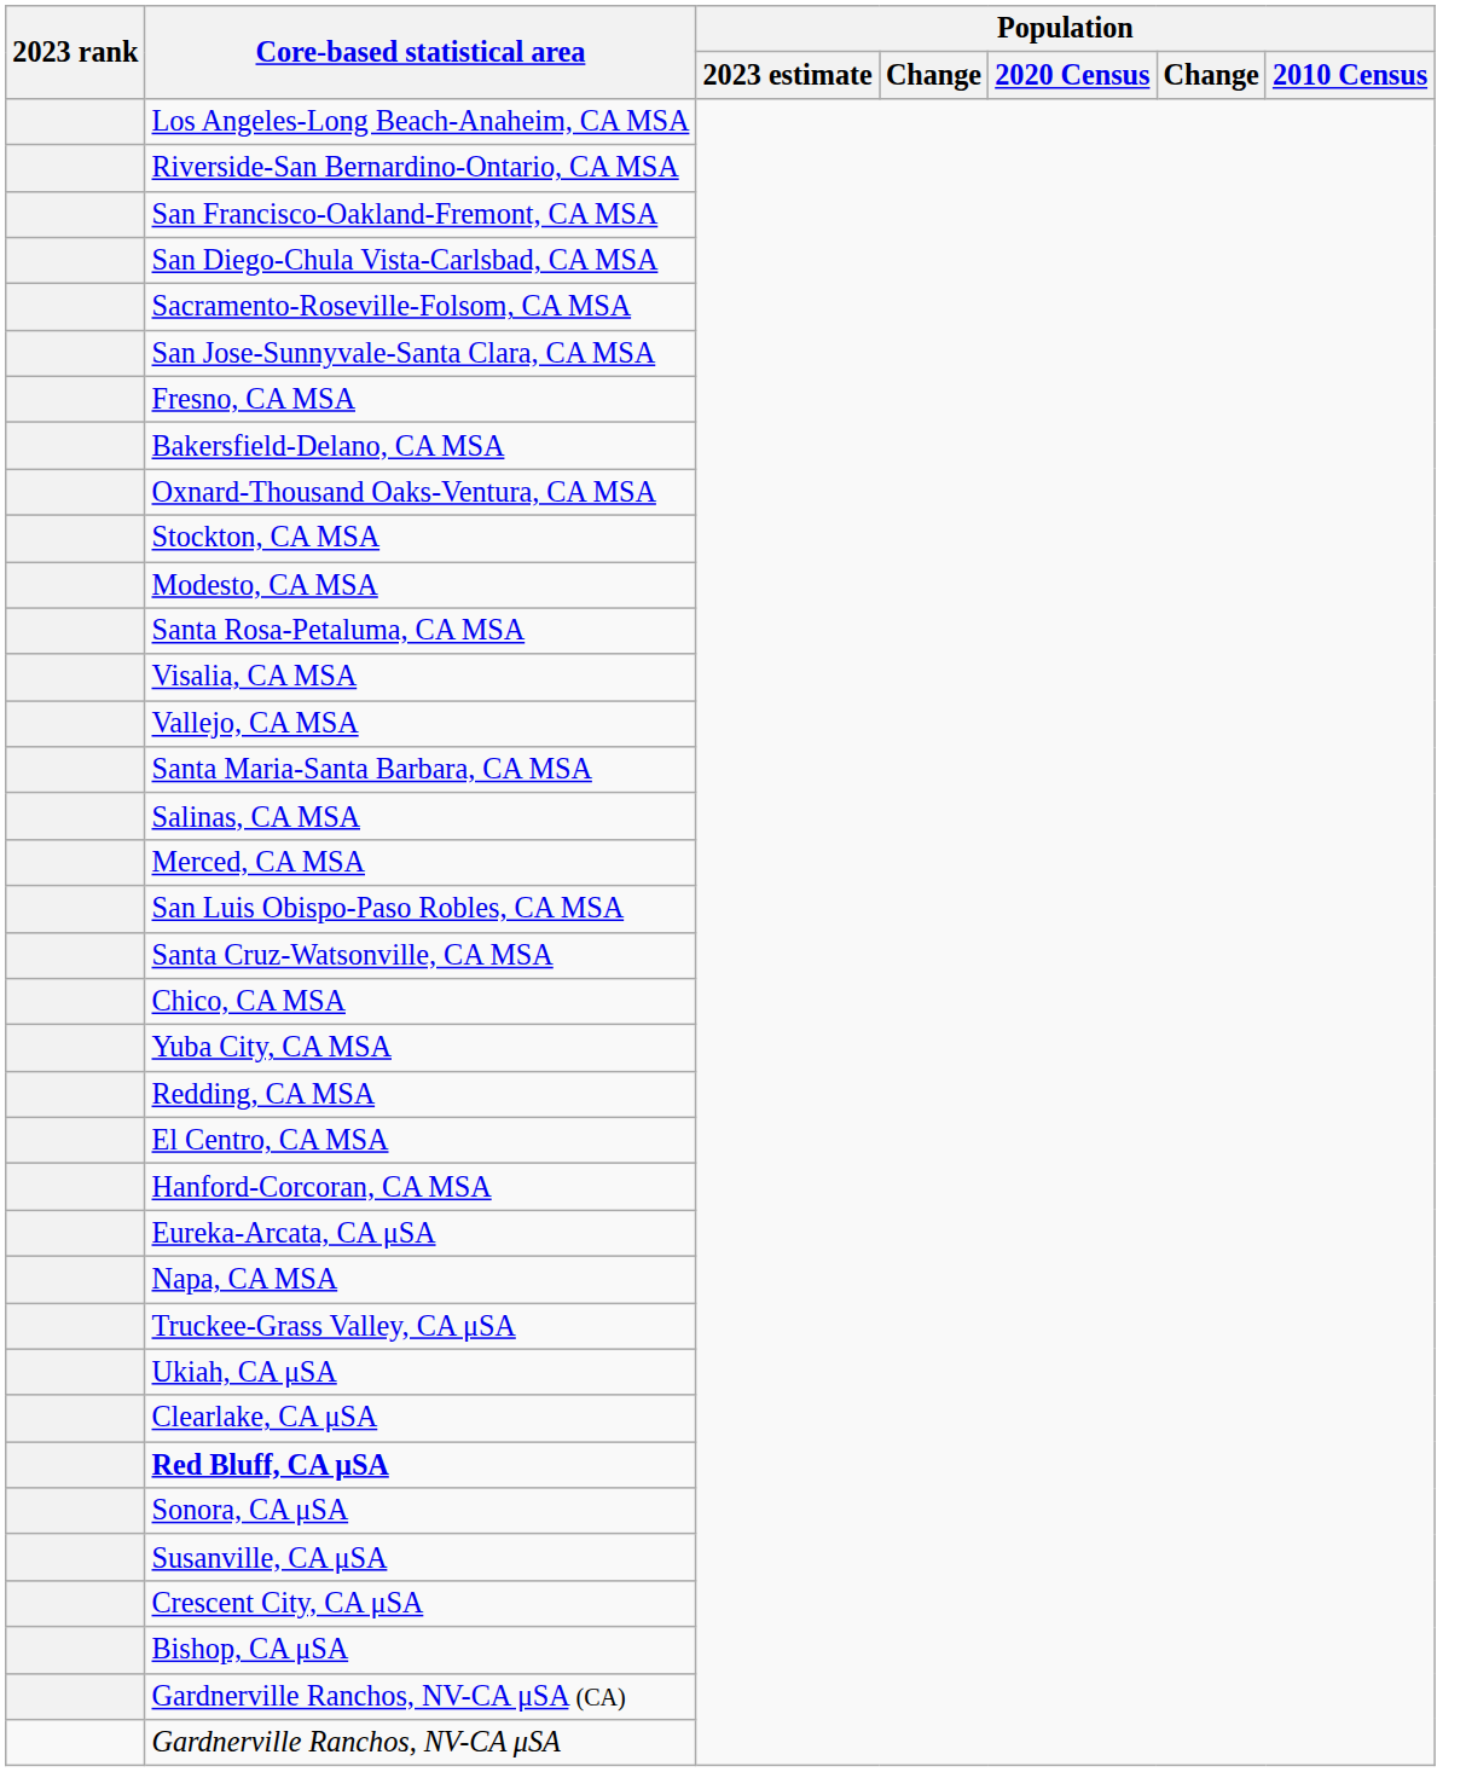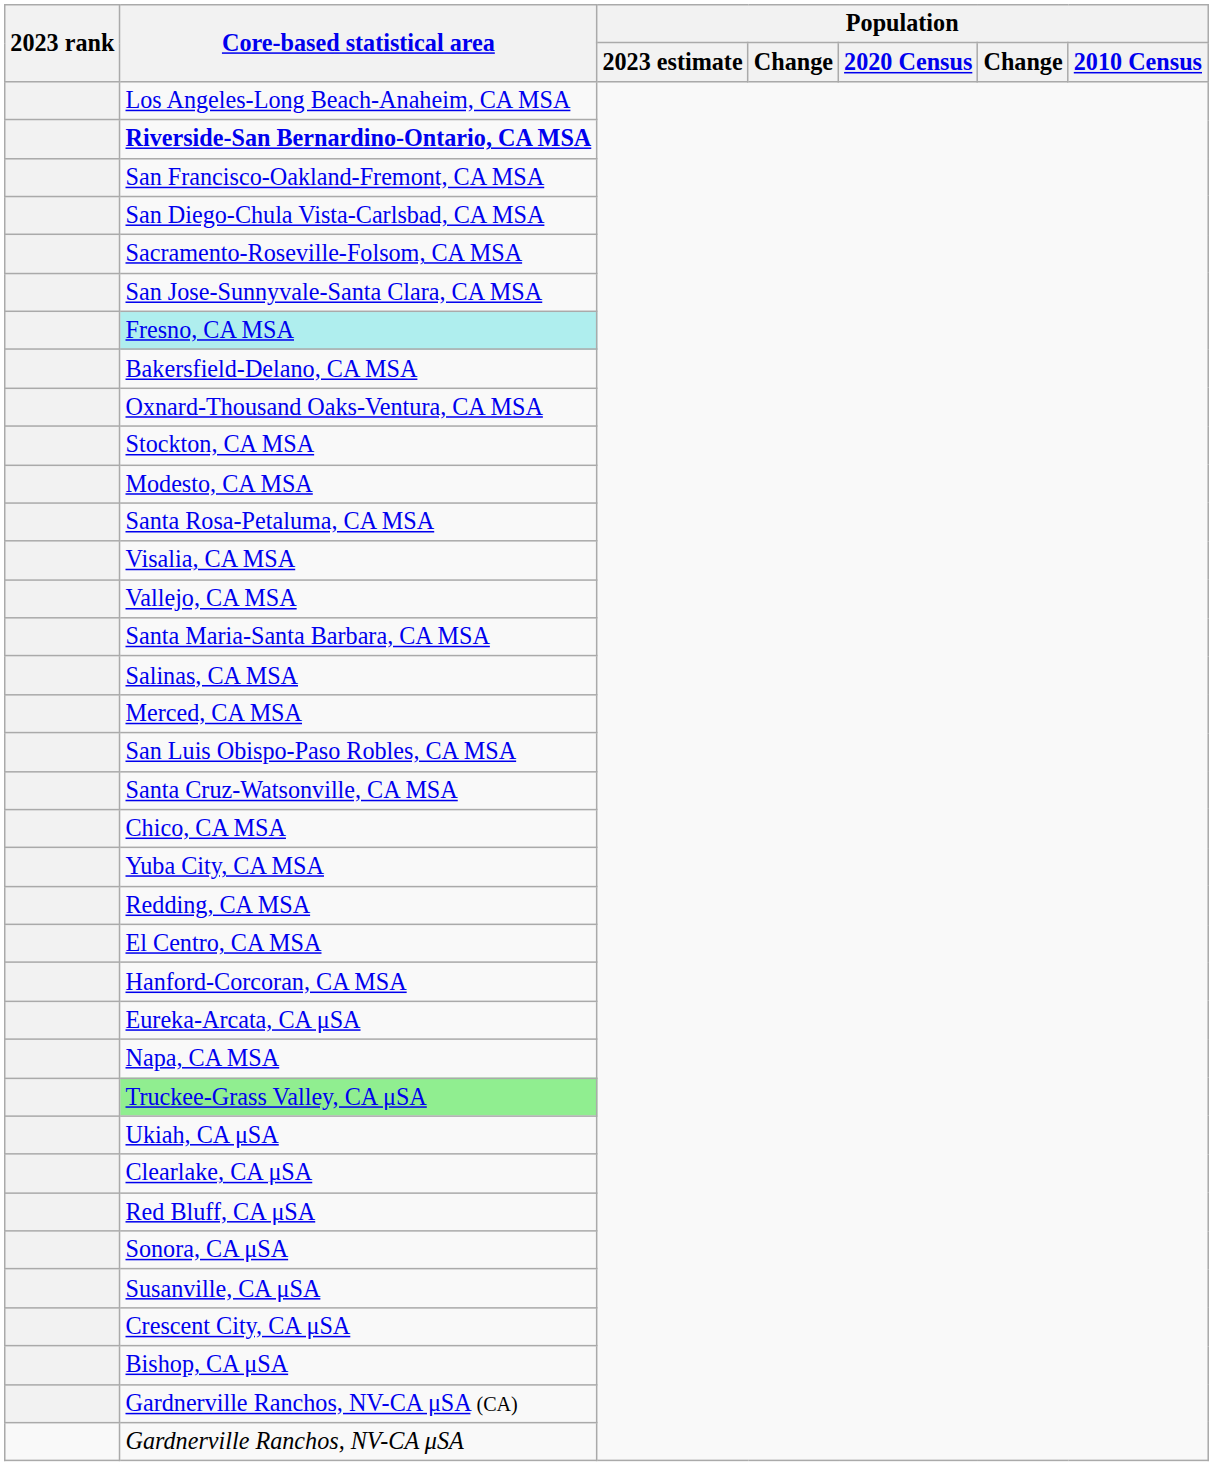 <table class="wikitable sortable">
 <tr>
 <th scope=col rowspan=2>2023 rank</th>
 <th scope=col rowspan=2><a href='#'>Core-based statistical area</a></th>
 <th colspan=5>Population</th>
 </tr>
 <tr>
 <th scope=col>2023 estimate</th>
 <th scope=col>Change</th>
 <th scope=col><a href='#'>2020 Census</a></th>
 <th scope=col>Change</th>
 <th scope=col><a href='#'>2010 Census</a></th>
 </tr>
 <tr>
 <th scope=row></th>
 <td><a href='#'>Los Angeles-Long Beach-Anaheim, CA MSA</a><br></td>
 </tr>
 <tr>
 <th scope=row></th>
-<td><a href='#'>Riverside-San Bernardino-Ontario, CA MSA</a><br></td>
+<td><strong><a href='#'>Riverside-San Bernardino-Ontario, CA MSA</a><br></strong></td>
 </tr>
 <tr>
 <th scope=row></th>
 <td><a href='#'>San Francisco-Oakland-Fremont, CA MSA</a><br></td>
 </tr>
 <tr>
 <th scope=row></th>
 <td><a href='#'>San Diego-Chula Vista-Carlsbad, CA MSA</a><br></td>
 </tr>
 <tr>
 <th scope=row></th>
 <td><a href='#'>Sacramento-Roseville-Folsom, CA MSA</a><br></td>
 </tr>
 <tr>
 <th scope=row></th>
 <td><a href='#'>San Jose-Sunnyvale-Santa Clara, CA MSA</a><br></td>
 </tr>
 <tr>
 <th scope=row></th>
-<td><a href='#'>Fresno, CA MSA</a><br></td>
+<td style="background: paleturquoise;"><a href='#'>Fresno, CA MSA</a><br></td>
 </tr>
 <tr>
 <th scope=row></th>
 <td><a href='#'>Bakersfield-Delano, CA MSA</a><br></td>
 </tr>
 <tr>
 <th scope=row></th>
 <td><a href='#'>Oxnard-Thousand Oaks-Ventura, CA MSA</a><br></td>
 </tr>
 <tr>
 <th scope=row></th>
 <td><a href='#'>Stockton, CA MSA</a><br></td>
 </tr>
 <tr>
 <th scope=row></th>
 <td><a href='#'>Modesto, CA MSA</a><br></td>
 </tr>
 <tr>
 <th scope=row></th>
 <td><a href='#'>Santa Rosa-Petaluma, CA MSA</a><br></td>
 </tr>
 <tr>
 <th scope=row></th>
 <td><a href='#'>Visalia, CA MSA</a><br></td>
 </tr>
 <tr>
 <th scope=row></th>
 <td><a href='#'>Vallejo, CA MSA</a><br></td>
 </tr>
 <tr>
 <th scope=row></th>
 <td><a href='#'>Santa Maria-Santa Barbara, CA MSA</a><br></td>
 </tr>
 <tr>
 <th scope=row></th>
 <td><a href='#'>Salinas, CA MSA</a><br></td>
 </tr>
 <tr>
 <th scope=row></th>
 <td><a href='#'>Merced, CA MSA</a><br></td>
 </tr>
 <tr>
 <th scope=row></th>
 <td><a href='#'>San Luis Obispo-Paso Robles, CA MSA</a><br></td>
 </tr>
 <tr>
 <th scope=row></th>
 <td><a href='#'>Santa Cruz-Watsonville, CA MSA</a><br></td>
 </tr>
 <tr>
 <th scope=row></th>
 <td><a href='#'>Chico, CA MSA</a><br></td>
 </tr>
 <tr>
 <th scope=row></th>
 <td><a href='#'>Yuba City, CA MSA</a><br></td>
 </tr>
 <tr>
 <th scope=row></th>
 <td><a href='#'>Redding, CA MSA</a><br></td>
 </tr>
 <tr>
 <th scope=row></th>
 <td><a href='#'>El Centro, CA MSA</a><br></td>
 </tr>
 <tr>
 <th scope=row></th>
 <td><a href='#'>Hanford-Corcoran, CA MSA</a><br></td>
 </tr>
 <tr>
 <th scope=row></th>
 <td><a href='#'>Eureka-Arcata, CA μSA</a><br></td>
 </tr>
 <tr>
 <th scope=row></th>
 <td><a href='#'>Napa, CA MSA</a><br></td>
 </tr>
 <tr>
 <th scope=row></th>
-<td><a href='#'>Truckee-Grass Valley, CA μSA</a><br></td>
+<td style="background: lightgreen;"><a href='#'>Truckee-Grass Valley, CA μSA</a><br></td>
 </tr>
 <tr>
 <th scope=row></th>
 <td><a href='#'>Ukiah, CA μSA</a><br></td>
 </tr>
 <tr>
 <th scope=row></th>
 <td><a href='#'>Clearlake, CA μSA</a><br></td>
 </tr>
 <tr>
 <th scope=row></th>
-<td><strong><a href='#'>Red Bluff, CA μSA</a><br></strong></td>
+<td><a href='#'>Red Bluff, CA μSA</a><br></td>
 </tr>
 <tr>
 <th scope=row></th>
 <td><a href='#'>Sonora, CA μSA</a><br></td>
 </tr>
 <tr>
 <th scope=row></th>
 <td><a href='#'>Susanville, CA μSA</a><br></td>
 </tr>
 <tr>
 <th scope=row></th>
 <td><a href='#'>Crescent City, CA μSA</a><br></td>
 </tr>
 <tr>
 <th scope=row></th>
 <td><a href='#'>Bishop, CA μSA</a><br></td>
 </tr>
 <tr>
 <th scope=row></th>
 <td><a href='#'>Gardnerville Ranchos, NV-CA μSA</a> <small>(CA)</small><br></td>
 </tr>
 <tr>
 <td></td>
 <td><em><span>Gardnerville Ranchos, NV-CA μSA</span></em><br></td>
 </tr>
 </table>
